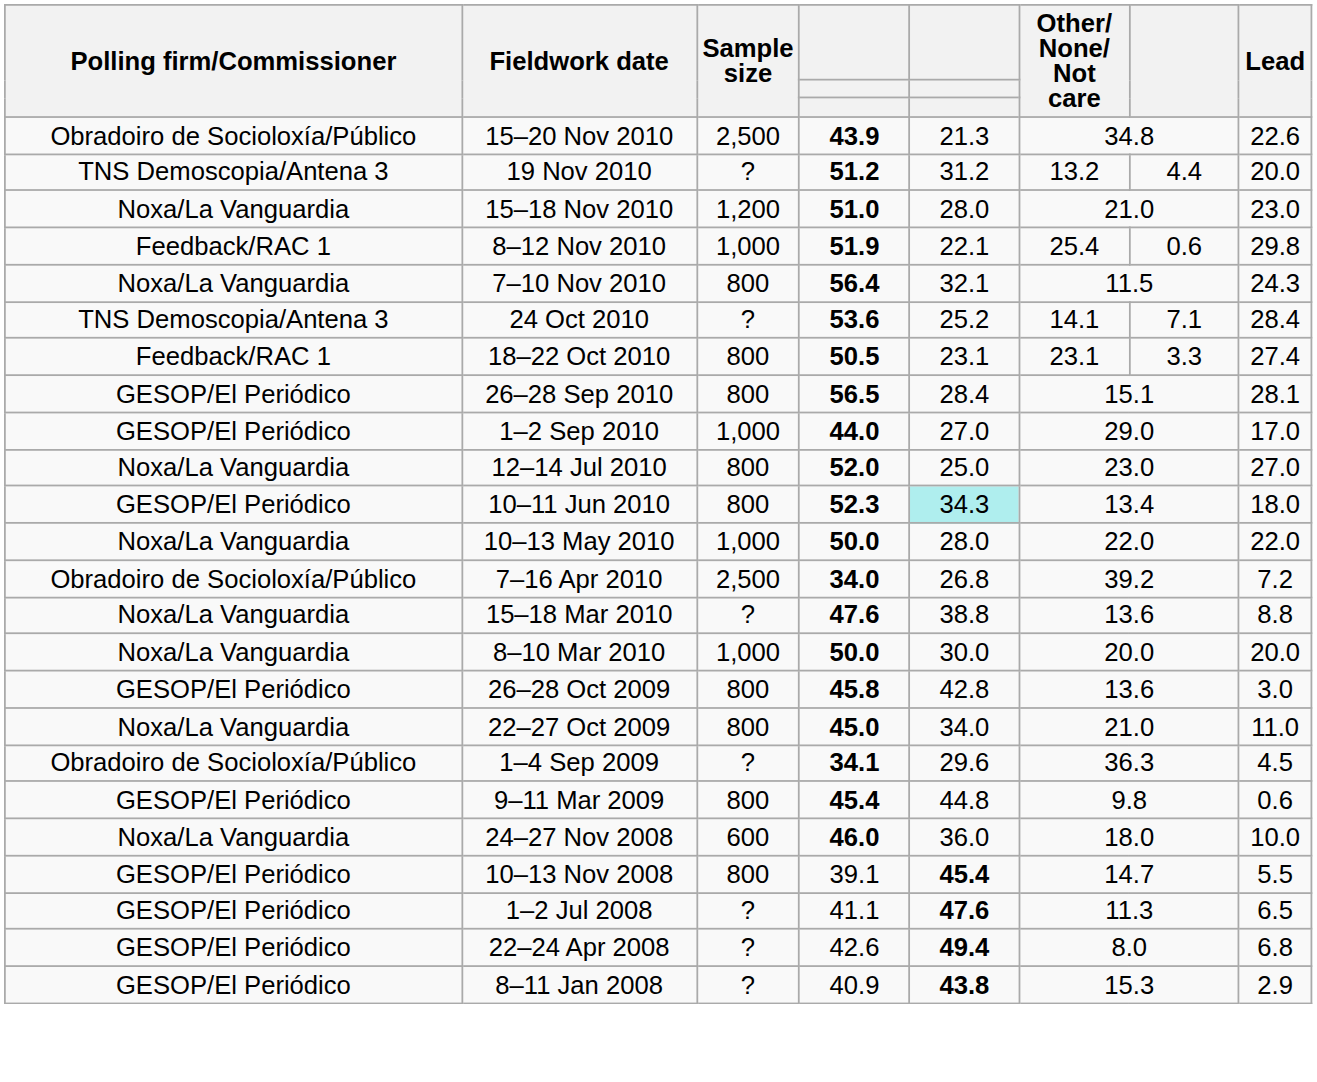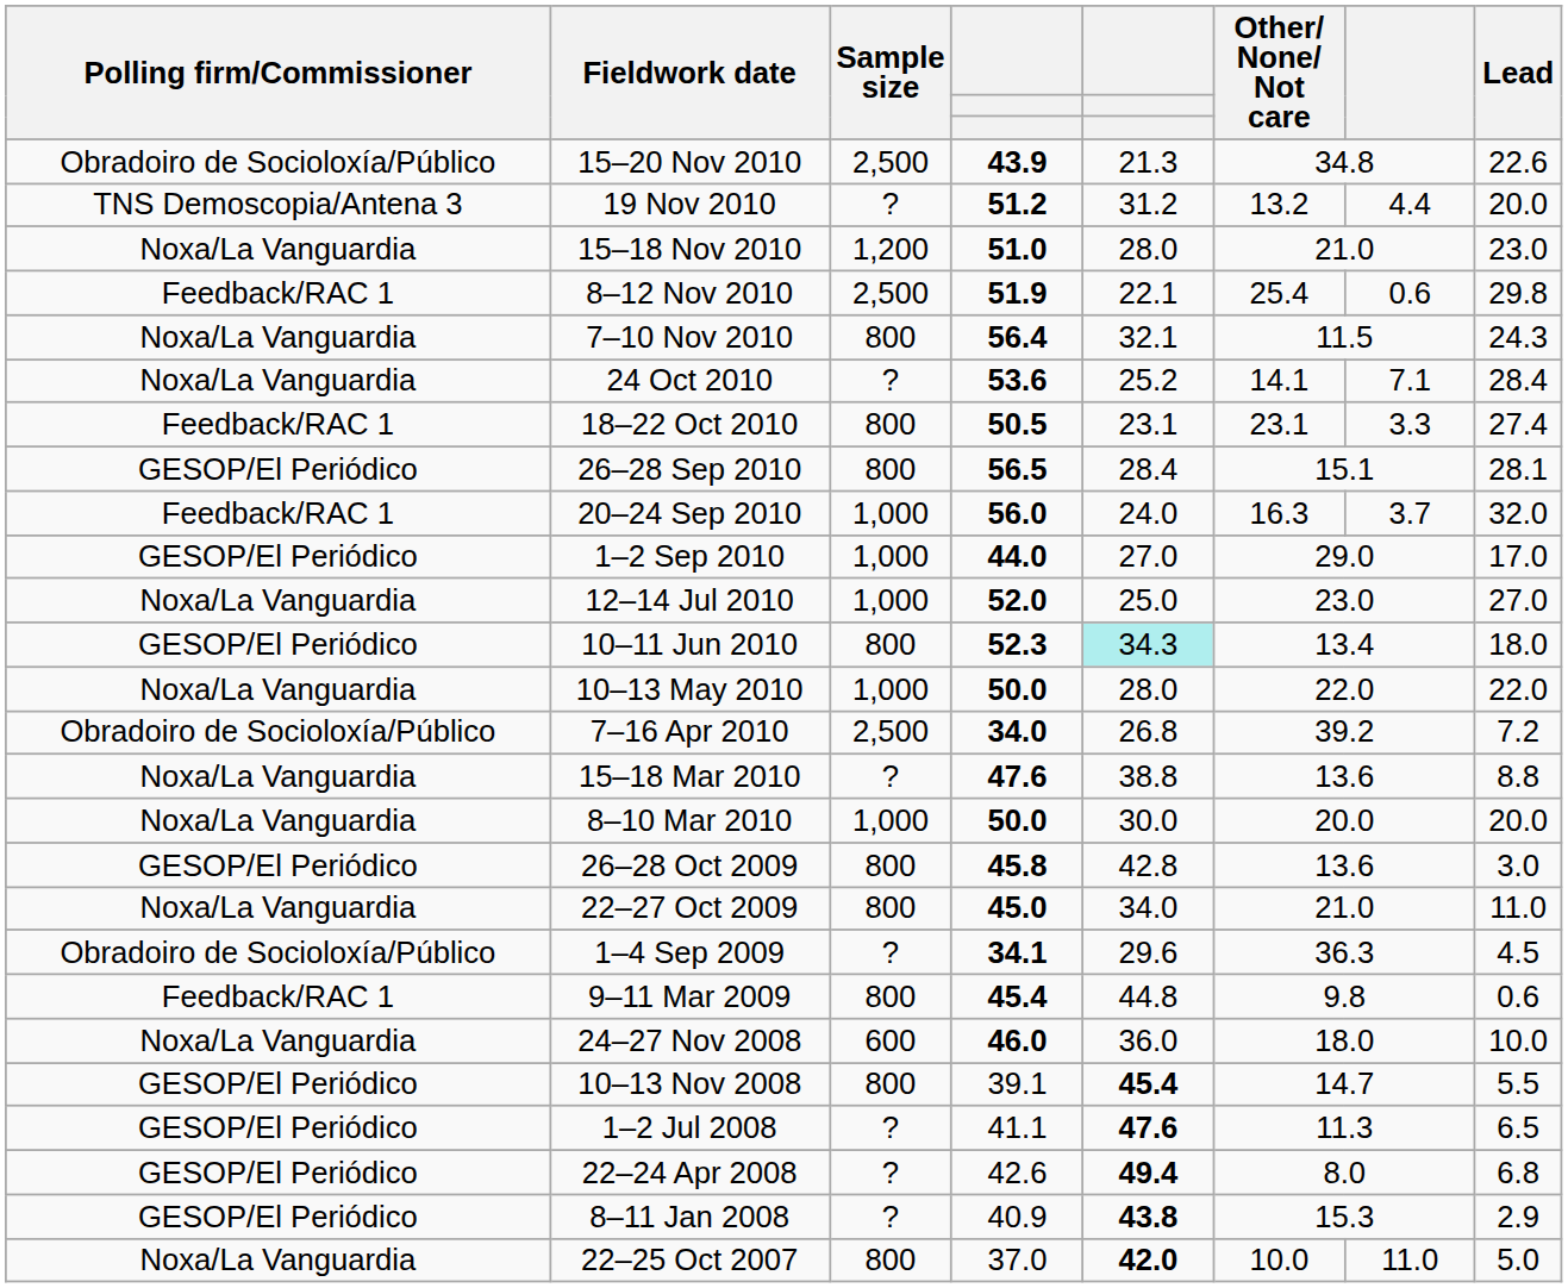 <table class="wikitable collapsible collapsed" style="text-align:center; font-size:90%; line-height:14px;">
 <tr style="height:42px;">
 <th style="width:250px;" rowspan="3">Polling firm/Commissioner</th>
 <th style="width:125px;" rowspan="3">Fieldwork date</th>
 <th style="width:50px;" rowspan="3">Sample size</th>
 <th style="width:55px;"></th>
 <th style="width:55px;"></th>
 <th style="width:55px;" rowspan="3">Other/<br>None/<br>Not<br>care</th>
 <th style="width:55px;" rowspan="3"></th>
 <th style="width:30px;" rowspan="3">Lead</th>
 </tr>
 <tr>
 <th style="color:inherit;background:"></th>
 <th style="color:inherit;background:"></th>
 </tr>
 <tr>
 <th></th>
 <th></th>
 </tr>
 <tr>
 <td>Obradoiro de Socioloxía/Público</td>
 <td>15–20 Nov 2010</td>
 <td>2,500</td>
 <td><strong>43.9</strong></td>
 <td>21.3</td>
 <td colspan="2">34.8</td>
 <td style="background:">22.6</td>
 </tr>
 <tr>
 <td>TNS Demoscopia/Antena 3</td>
 <td>19 Nov 2010</td>
 <td>?</td>
 <td><strong>51.2</strong></td>
 <td>31.2</td>
 <td>13.2</td>
 <td>4.4</td>
 <td style="background:">20.0</td>
 </tr>
 <tr>
 <td>Noxa/La Vanguardia</td>
 <td>15–18 Nov 2010</td>
 <td>1,200</td>
 <td><strong>51.0</strong></td>
 <td>28.0</td>
 <td colspan="2">21.0</td>
 <td style="background:">23.0</td>
 </tr>
 <tr>
 <td>Feedback/RAC 1</td>
 <td>8–12 Nov 2010</td>
-<td>1,000</td>
+<td>2,500</td>
 <td><strong>51.9</strong></td>
 <td>22.1</td>
 <td>25.4</td>
 <td>0.6</td>
 <td style="background:">29.8</td>
 </tr>
 <tr>
 <td>Noxa/La Vanguardia</td>
 <td>7–10 Nov 2010</td>
 <td>800</td>
 <td><strong>56.4</strong></td>
 <td>32.1</td>
 <td colspan="2">11.5</td>
 <td style="background:">24.3</td>
 </tr>
 <tr>
-<td>TNS Demoscopia/Antena 3</td>
+<td>Noxa/La Vanguardia</td>
 <td>24 Oct 2010</td>
 <td>?</td>
 <td><strong>53.6</strong></td>
 <td>25.2</td>
 <td>14.1</td>
 <td>7.1</td>
 <td style="background:">28.4</td>
 </tr>
 <tr>
 <td>Feedback/RAC 1</td>
 <td>18–22 Oct 2010</td>
 <td>800</td>
 <td><strong>50.5</strong></td>
 <td>23.1</td>
 <td>23.1</td>
 <td>3.3</td>
 <td style="background:">27.4</td>
 </tr>
 <tr>
 <td>GESOP/El Periódico</td>
 <td>26–28 Sep 2010</td>
 <td>800</td>
 <td><strong>56.5</strong></td>
 <td>28.4</td>
 <td colspan="2">15.1</td>
 <td style="background:">28.1</td>
 </tr>
 <tr>
+<td>Feedback/RAC 1</td>
+<td>20–24 Sep 2010</td>
+<td>1,000</td>
+<td><strong>56.0</strong></td>
+<td>24.0</td>
+<td>16.3</td>
+<td>3.7</td>
+<td style="background:">32.0</td>
+</tr>
+<tr>
 <td>GESOP/El Periódico</td>
 <td>1–2 Sep 2010</td>
 <td>1,000</td>
 <td><strong>44.0</strong></td>
 <td>27.0</td>
 <td colspan="2">29.0</td>
 <td style="background:">17.0</td>
 </tr>
 <tr>
 <td>Noxa/La Vanguardia</td>
 <td>12–14 Jul 2010</td>
-<td>800</td>
+<td>1,000</td>
 <td><strong>52.0</strong></td>
 <td>25.0</td>
 <td colspan="2">23.0</td>
 <td style="background:">27.0</td>
 </tr>
 <tr>
 <td>GESOP/El Periódico</td>
 <td>10–11 Jun 2010</td>
 <td>800</td>
 <td><strong>52.3</strong></td>
 <td style="background: paleturquoise;">34.3</td>
 <td colspan="2">13.4</td>
 <td style="background:">18.0</td>
 </tr>
 <tr>
 <td>Noxa/La Vanguardia</td>
 <td>10–13 May 2010</td>
 <td>1,000</td>
 <td><strong>50.0</strong></td>
 <td>28.0</td>
 <td colspan="2">22.0</td>
 <td style="background:">22.0</td>
 </tr>
 <tr>
 <td>Obradoiro de Socioloxía/Público</td>
 <td>7–16 Apr 2010</td>
 <td>2,500</td>
 <td><strong>34.0</strong></td>
 <td>26.8</td>
 <td colspan="2">39.2</td>
 <td style="background:">7.2</td>
 </tr>
 <tr>
 <td>Noxa/La Vanguardia</td>
 <td>15–18 Mar 2010</td>
 <td>?</td>
 <td><strong>47.6</strong></td>
 <td>38.8</td>
 <td colspan="2">13.6</td>
 <td style="background:">8.8</td>
 </tr>
 <tr>
 <td>Noxa/La Vanguardia</td>
 <td>8–10 Mar 2010</td>
 <td>1,000</td>
 <td><strong>50.0</strong></td>
 <td>30.0</td>
 <td colspan="2">20.0</td>
 <td style="background:">20.0</td>
 </tr>
 <tr>
 <td>GESOP/El Periódico</td>
 <td>26–28 Oct 2009</td>
 <td>800</td>
 <td><strong>45.8</strong></td>
 <td>42.8</td>
 <td colspan="2">13.6</td>
 <td style="background:">3.0</td>
 </tr>
 <tr>
 <td>Noxa/La Vanguardia</td>
 <td>22–27 Oct 2009</td>
 <td>800</td>
 <td><strong>45.0</strong></td>
 <td>34.0</td>
 <td colspan="2">21.0</td>
 <td style="background:">11.0</td>
 </tr>
 <tr>
 <td>Obradoiro de Socioloxía/Público</td>
 <td>1–4 Sep 2009</td>
 <td>?</td>
 <td><strong>34.1</strong></td>
 <td>29.6</td>
 <td colspan="2">36.3</td>
 <td style="background:">4.5</td>
 </tr>
 <tr>
-<td>GESOP/El Periódico</td>
+<td>Feedback/RAC 1</td>
 <td>9–11 Mar 2009</td>
 <td>800</td>
 <td><strong>45.4</strong></td>
 <td>44.8</td>
 <td colspan="2">9.8</td>
 <td style="background:">0.6</td>
 </tr>
 <tr>
 <td>Noxa/La Vanguardia</td>
 <td>24–27 Nov 2008</td>
 <td>600</td>
 <td><strong>46.0</strong></td>
 <td>36.0</td>
 <td colspan="2">18.0</td>
 <td style="background:">10.0</td>
 </tr>
 <tr>
 <td>GESOP/El Periódico</td>
 <td>10–13 Nov 2008</td>
 <td>800</td>
 <td>39.1</td>
 <td><strong>45.4</strong></td>
 <td colspan="2">14.7</td>
 <td style="background:">5.5</td>
 </tr>
 <tr>
 <td>GESOP/El Periódico</td>
 <td>1–2 Jul 2008</td>
 <td>?</td>
 <td>41.1</td>
 <td><strong>47.6</strong></td>
 <td colspan="2">11.3</td>
 <td style="background:">6.5</td>
 </tr>
 <tr>
 <td>GESOP/El Periódico</td>
 <td>22–24 Apr 2008</td>
 <td>?</td>
 <td>42.6</td>
 <td><strong>49.4</strong></td>
 <td colspan="2">8.0</td>
 <td style="background:">6.8</td>
 </tr>
 <tr>
 <td>GESOP/El Periódico</td>
 <td>8–11 Jan 2008</td>
 <td>?</td>
 <td>40.9</td>
 <td><strong>43.8</strong></td>
 <td colspan="2">15.3</td>
 <td style="background:">2.9</td>
 </tr>
+<tr>
+<td>Noxa/La Vanguardia</td>
+<td>22–25 Oct 2007</td>
+<td>800</td>
+<td>37.0</td>
+<td><strong>42.0</strong></td>
+<td>10.0</td>
+<td>11.0</td>
+<td style="background:">5.0</td>
+</tr>
 </table>
